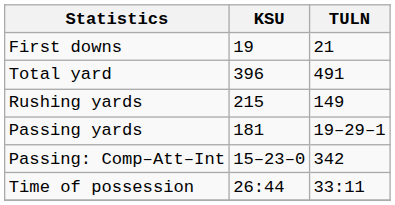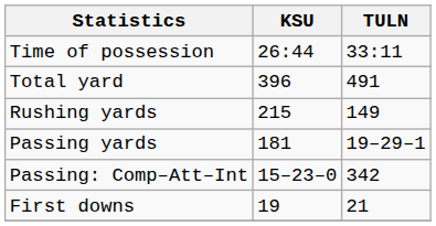 <table class="wikitable" style="float: left;">
 <tr>
 <th>Statistics</th>
 <th>KSU</th>
 <th>TULN</th>
 </tr>
 <tr>
-<td>First downs</td>
-<td>19</td>
-<td>21</td>
+<td>Time of possession</td>
+<td>26:44</td>
+<td>33:11</td>
 </tr>
 <tr>
 <td>Total yard</td>
 <td>396</td>
 <td>491</td>
 </tr>
 <tr>
 <td>Rushing yards</td>
 <td>215</td>
 <td>149</td>
 </tr>
 <tr>
 <td>Passing yards</td>
 <td>181</td>
 <td>19–29–1</td>
 </tr>
 <tr>
 <td>Passing: Comp–Att–Int</td>
 <td>15–23–0</td>
 <td>342</td>
 </tr>
 <tr>
-<td>Time of possession</td>
-<td>26:44</td>
-<td>33:11</td>
+<td>First downs</td>
+<td>19</td>
+<td>21</td>
 </tr>
 <tr>
 </tr>
 </table>
